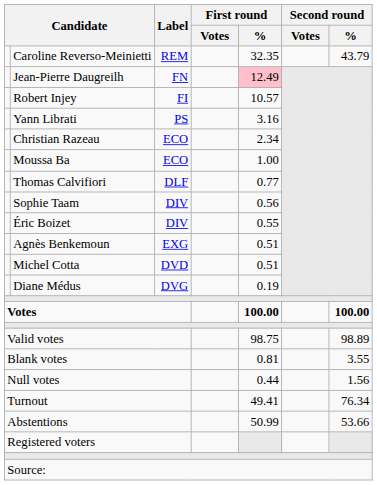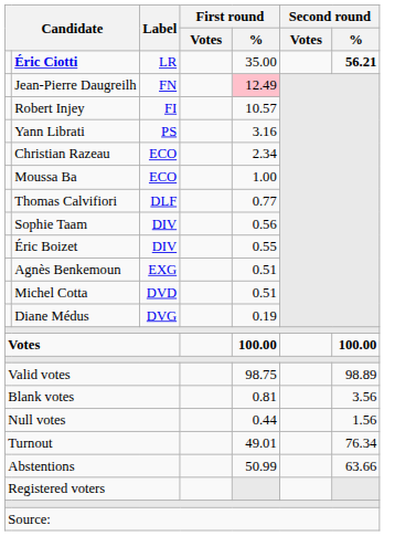 <table class="wikitable" style="text-align:right;font-size:95%;">
 <tr>
 <th colspan="2" rowspan="2">Candidate</th>
 <th rowspan="2">Label</th>
 <th colspan="2">First round</th>
 <th colspan="2">Second round</th>
 </tr>
 <tr>
 <th style="width:50px;">Votes</th>
 <th style="width:45px;">%</th>
 <th style="width:50px;">Votes</th>
 <th style="width:45px;">%</th>
 </tr>
 <tr>
 <td style="color:inherit;background:"></td>
-<td style="text-align:left;">Caroline Reverso-Meinietti</td>
-<td><a href='#'>REM</a></td>
+<td style="text-align:left;"><strong><a href='#'>Éric Ciotti</a></strong></td>
+<td><a href='#'>LR</a></td>
 <td></td>
-<td>32.35</td>
-<td></td>
-<td>43.79</td>
+<td>35.00</td>
+<td><strong></strong></td>
+<td><strong>56.21</strong></td>
 </tr>
 <tr>
 <td style="color:inherit;background:"></td>
 <td style="text-align:left;">Jean-Pierre Daugreilh</td>
 <td><a href='#'>FN</a></td>
 <td></td>
 <td style="background: pink;">12.49</td>
 <td colspan="2" rowspan="11" style="background:#E9E9E9;"></td>
 </tr>
 <tr>
 <td style="color:inherit;background:"></td>
 <td style="text-align:left;">Robert Injey</td>
 <td><a href='#'>FI</a></td>
 <td></td>
 <td>10.57</td>
 </tr>
 <tr>
 <td style="color:inherit;background:"></td>
 <td style="text-align:left;">Yann Librati</td>
 <td><a href='#'>PS</a></td>
 <td></td>
 <td>3.16</td>
 </tr>
 <tr>
 <td style="color:inherit;background:"></td>
 <td style="text-align:left;">Christian Razeau</td>
 <td><a href='#'>ECO</a></td>
 <td></td>
 <td>2.34</td>
 </tr>
 <tr>
 <td style="color:inherit;background:"></td>
 <td style="text-align:left;">Moussa Ba</td>
 <td><a href='#'>ECO</a></td>
 <td></td>
 <td>1.00</td>
 </tr>
 <tr>
 <td style="color:inherit;background:"></td>
 <td style="text-align:left;">Thomas Calvifiori</td>
 <td><a href='#'>DLF</a></td>
 <td></td>
 <td>0.77</td>
 </tr>
 <tr>
 <td style="color:inherit;background:"></td>
 <td style="text-align:left;">Sophie Taam</td>
 <td><a href='#'>DIV</a></td>
 <td></td>
 <td>0.56</td>
 </tr>
 <tr>
 <td style="color:inherit;background:"></td>
 <td style="text-align:left;">Éric Boizet</td>
 <td><a href='#'>DIV</a></td>
 <td></td>
 <td>0.55</td>
 </tr>
 <tr>
 <td style="color:inherit;background:"></td>
 <td style="text-align:left;">Agnès Benkemoun</td>
 <td><a href='#'>EXG</a></td>
 <td></td>
 <td>0.51</td>
 </tr>
 <tr>
 <td style="color:inherit;background:"></td>
 <td style="text-align:left;">Michel Cotta</td>
 <td><a href='#'>DVD</a></td>
 <td></td>
 <td>0.51</td>
 </tr>
 <tr>
 <td style="color:inherit;background:"></td>
 <td style="text-align:left;">Diane Médus</td>
 <td><a href='#'>DVG</a></td>
 <td></td>
 <td>0.19</td>
 </tr>
 <tr>
 <td colspan="7" style="background:#E9E9E9;"></td>
 </tr>
 <tr style="font-weight:bold;">
 <td colspan="3" style="text-align:left;">Votes</td>
 <td></td>
 <td>100.00</td>
 <td></td>
 <td>100.00</td>
 </tr>
 <tr>
 <td colspan="7" style="background:#E9E9E9;"></td>
 </tr>
 <tr>
 <td colspan="3" style="text-align:left;">Valid votes</td>
 <td></td>
 <td>98.75</td>
 <td></td>
 <td>98.89</td>
 </tr>
 <tr>
 <td colspan="3" style="text-align:left;">Blank votes</td>
 <td></td>
 <td>0.81</td>
 <td></td>
-<td>3.55</td>
+<td>3.56</td>
 </tr>
 <tr>
 <td colspan="3" style="text-align:left;">Null votes</td>
 <td></td>
 <td>0.44</td>
 <td></td>
 <td>1.56</td>
 </tr>
 <tr>
 <td colspan="3" style="text-align:left;">Turnout</td>
 <td></td>
-<td>49.41</td>
+<td>49.01</td>
 <td></td>
 <td>76.34</td>
 </tr>
 <tr>
 <td colspan="3" style="text-align:left;">Abstentions</td>
 <td></td>
 <td>50.99</td>
 <td></td>
-<td>53.66</td>
+<td>63.66</td>
 </tr>
 <tr>
 <td colspan="3" style="text-align:left;">Registered voters</td>
 <td></td>
 <td style="background:#E9E9E9;"></td>
 <td></td>
 <td style="background:#E9E9E9;"></td>
 </tr>
 <tr>
 <td colspan="7" style="background:#E9E9E9;"></td>
 </tr>
 <tr>
 <td colspan="7" style="text-align:left;">Source: </td>
 </tr>
 </table>
